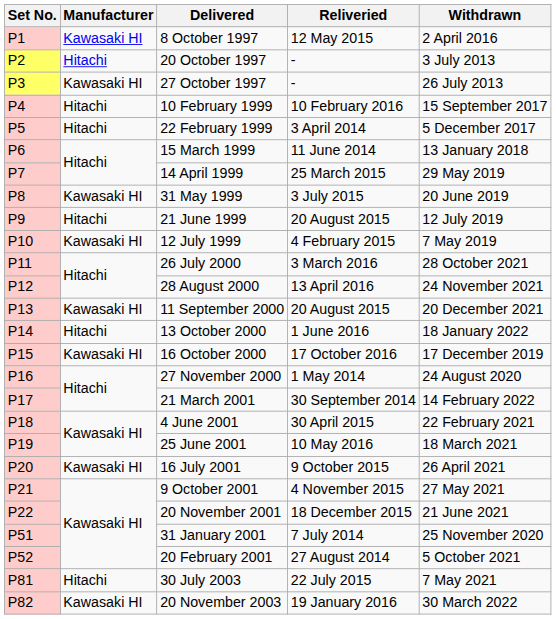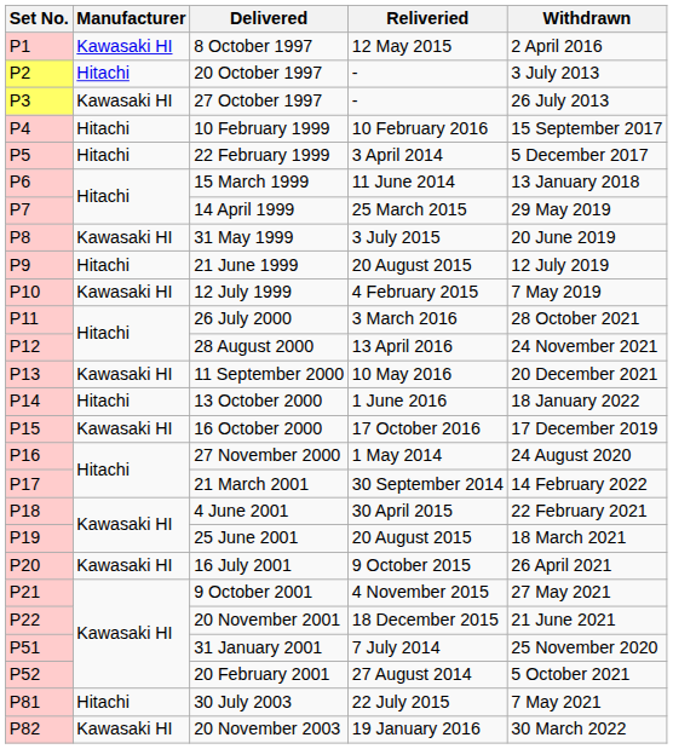 <table class="wikitable">
 <tr>
 <th>Set No.</th>
 <th>Manufacturer</th>
 <th>Delivered</th>
 <th>Reliveried</th>
 <th>Withdrawn</th>
 </tr>
 <tr>
 <td style="background: #FCC">P1</td>
 <td><a href='#'>Kawasaki HI</a></td>
 <td>8 October 1997</td>
 <td>12 May 2015</td>
 <td>2 April 2016</td>
 </tr>
 <tr>
 <td style="background: #FF6">P2</td>
 <td><a href='#'>Hitachi</a></td>
 <td>20 October 1997</td>
 <td>-</td>
 <td>3 July 2013</td>
 </tr>
 <tr>
 <td style="background: #FF6">P3</td>
 <td>Kawasaki HI</td>
 <td>27 October 1997</td>
 <td>-</td>
 <td>26 July 2013</td>
 </tr>
 <tr>
 <td style="background: #FCC">P4</td>
 <td>Hitachi</td>
 <td>10 February 1999</td>
 <td>10 February 2016</td>
 <td>15 September 2017</td>
 </tr>
 <tr>
 <td style="background: #FCC">P5</td>
 <td>Hitachi</td>
 <td>22 February 1999</td>
 <td>3 April 2014</td>
 <td>5 December 2017</td>
 </tr>
 <tr>
 <td style="background: #FCC">P6</td>
 <td rowspan="2">Hitachi</td>
 <td>15 March 1999</td>
 <td>11 June 2014</td>
 <td>13 January 2018</td>
 </tr>
 <tr>
 <td style="background: #FCC">P7</td>
 <td>14 April 1999</td>
 <td>25 March 2015</td>
 <td>29 May 2019</td>
 </tr>
 <tr>
 <td style="background: #FCC">P8</td>
 <td>Kawasaki HI</td>
 <td>31 May 1999</td>
 <td>3 July 2015</td>
 <td>20 June 2019</td>
 </tr>
 <tr>
 <td style="background: #FCC">P9</td>
 <td>Hitachi</td>
 <td>21 June 1999</td>
 <td>20 August 2015</td>
 <td>12 July 2019</td>
 </tr>
 <tr>
 <td style="background: #FCC">P10</td>
 <td>Kawasaki HI</td>
 <td>12 July 1999</td>
 <td>4 February 2015</td>
 <td>7 May 2019</td>
 </tr>
 <tr>
 <td style="background: #FCC">P11</td>
 <td rowspan="2">Hitachi</td>
 <td>26 July 2000</td>
 <td>3 March 2016</td>
 <td>28 October 2021</td>
 </tr>
 <tr>
 <td style="background: #FCC">P12</td>
 <td>28 August 2000</td>
 <td>13 April 2016</td>
 <td>24 November 2021</td>
 </tr>
 <tr>
 <td style="background: #FCC">P13</td>
 <td>Kawasaki HI</td>
 <td>11 September 2000</td>
-<td>20 August 2015</td>
+<td>10 May 2016</td>
 <td>20 December 2021</td>
 </tr>
 <tr>
 <td style="background: #FCC">P14</td>
 <td>Hitachi</td>
 <td>13 October 2000</td>
 <td>1 June 2016</td>
 <td>18 January 2022</td>
 </tr>
 <tr>
 <td style="background: #FCC">P15</td>
 <td>Kawasaki HI</td>
 <td>16 October 2000</td>
 <td>17 October 2016</td>
 <td>17 December 2019</td>
 </tr>
 <tr>
 <td style="background: #FCC">P16</td>
 <td rowspan="2">Hitachi</td>
 <td>27 November 2000</td>
 <td>1 May 2014</td>
 <td>24 August 2020</td>
 </tr>
 <tr>
 <td style="background: #FCC">P17</td>
 <td>21 March 2001</td>
 <td>30 September 2014</td>
 <td>14 February 2022</td>
 </tr>
 <tr>
 <td style="background: #FCC">P18</td>
 <td rowspan="2">Kawasaki HI</td>
 <td>4 June 2001</td>
 <td>30 April 2015</td>
 <td>22 February 2021</td>
 </tr>
 <tr>
 <td style="background: #FCC">P19</td>
 <td>25 June 2001</td>
-<td>10 May 2016</td>
+<td>20 August 2015</td>
 <td>18 March 2021</td>
 </tr>
 <tr>
 <td style="background: #FCC">P20</td>
 <td>Kawasaki HI</td>
 <td>16 July 2001</td>
 <td>9 October 2015</td>
 <td>26 April 2021</td>
 </tr>
 <tr>
 <td style="background: #FCC">P21</td>
 <td rowspan="4">Kawasaki HI</td>
 <td>9 October 2001</td>
 <td>4 November 2015</td>
 <td>27 May 2021</td>
 </tr>
 <tr>
 <td style="background: #FCC">P22</td>
 <td>20 November 2001</td>
 <td>18 December 2015</td>
 <td>21 June 2021</td>
 </tr>
 <tr>
 <td style="background: #FCC">P51</td>
 <td>31 January 2001</td>
 <td>7 July 2014</td>
 <td>25 November 2020</td>
 </tr>
 <tr>
 <td style="background: #FCC">P52</td>
 <td>20 February 2001</td>
 <td>27 August 2014</td>
 <td>5 October 2021</td>
 </tr>
 <tr>
 <td style="background: #FCC">P81</td>
 <td>Hitachi</td>
 <td>30 July 2003</td>
 <td>22 July 2015</td>
 <td>7 May 2021</td>
 </tr>
 <tr>
 <td style="background: #FCC">P82</td>
 <td>Kawasaki HI</td>
 <td>20 November 2003</td>
 <td>19 January 2016</td>
 <td>30 March 2022</td>
 </tr>
 </table>
